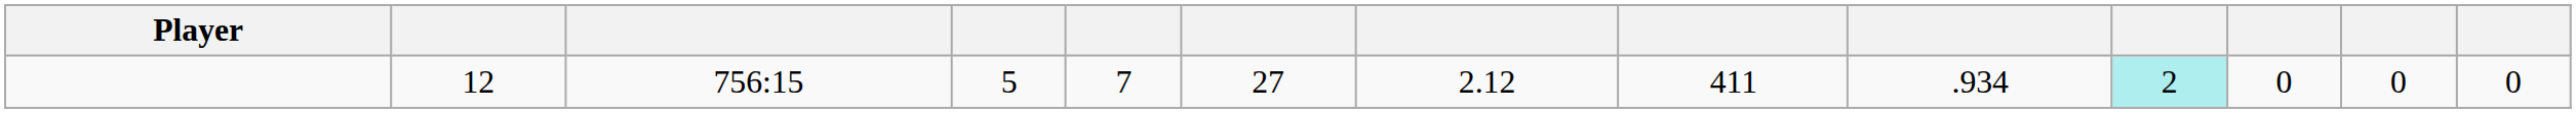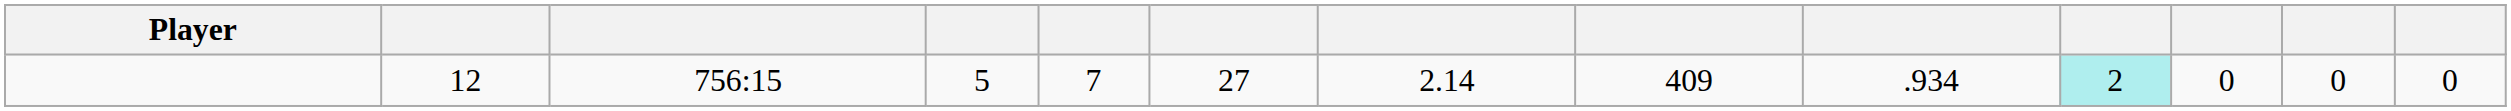 <table class="wikitable sortable" style="width:100%;">
 <tr style="text-align:center; background:#ddd;">
 <th>Player</th>
 <th></th>
 <th></th>
 <th></th>
 <th></th>
 <th></th>
 <th></th>
 <th></th>
 <th></th>
 <th></th>
 <th></th>
 <th></th>
 <th></th>
 </tr>
 <tr align=center>
 <td></td>
 <td>12</td>
 <td>756:15</td>
 <td>5</td>
 <td>7</td>
 <td>27</td>
-<td>2.12</td>
-<td>411</td>
+<td>2.14</td>
+<td>409</td>
 <td>.934</td>
 <td style="background: paleturquoise;">2</td>
 <td>0</td>
 <td>0</td>
 <td>0</td>
 </tr>
 </table>
